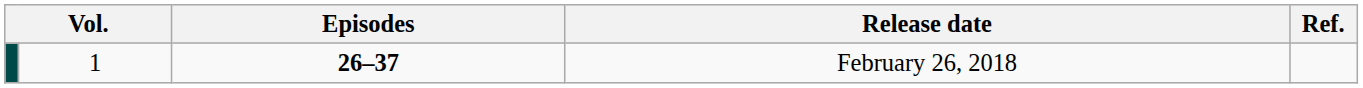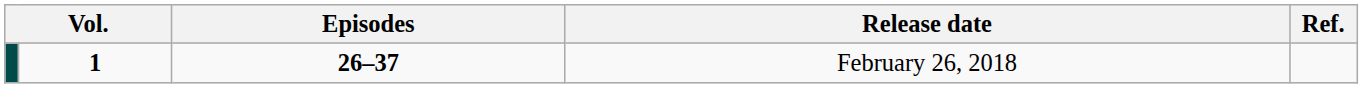 <table class="wikitable" style="text-align: center; width: 70%;">
 <tr>
 <th colspan="2">Vol.</th>
 <th>Episodes</th>
 <th scope="column">Release date</th>
 <th width="5%">Ref.</th>
 </tr>
 <tr>
 <td rowspan="10" width="1%" style="background: #004B49;"></td>
-<td>1</td>
+<td><strong>1</strong></td>
 <td><strong>26–37</strong></td>
 <td>February 26, 2018</td>
 <td></td>
 </tr>
 </table>
